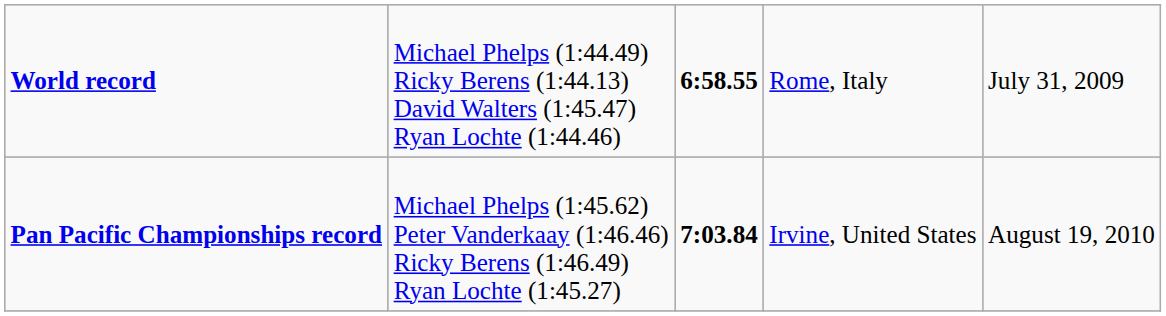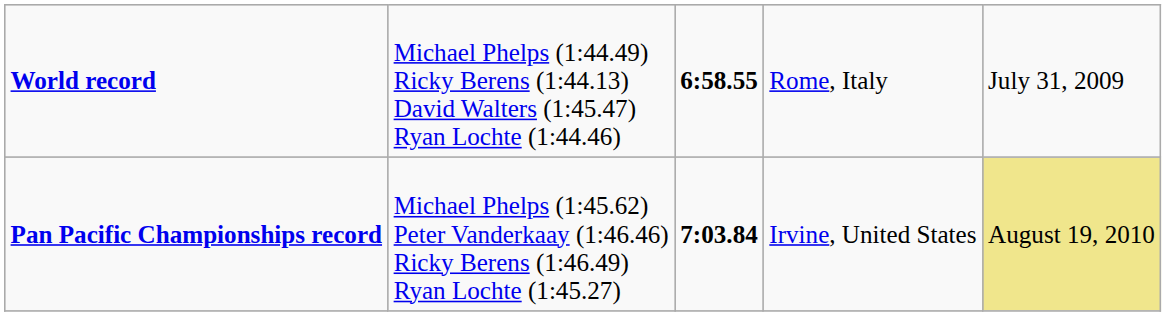 <table class="wikitable">
 <tr>
 <td><strong><a href='#'>World record</a></strong></td>
 <td><br><a href='#'>Michael Phelps</a> (1:44.49)<br><a href='#'>Ricky Berens</a> (1:44.13)<br><a href='#'>David Walters</a> (1:45.47)<br><a href='#'>Ryan Lochte</a> (1:44.46)</td>
 <td><strong>6:58.55</strong></td>
 <td><a href='#'>Rome</a>, Italy</td>
 <td>July 31, 2009</td>
 </tr>
 <tr>
 <td><strong><a href='#'>Pan Pacific Championships record</a></strong></td>
 <td><br><a href='#'>Michael Phelps</a> (1:45.62)<br><a href='#'>Peter Vanderkaay</a> (1:46.46)<br><a href='#'>Ricky Berens</a> (1:46.49)<br><a href='#'>Ryan Lochte</a> (1:45.27)</td>
 <td><strong>7:03.84</strong></td>
 <td><a href='#'>Irvine</a>, United States</td>
-<td>August 19, 2010</td>
+<td style="background: khaki;">August 19, 2010</td>
 </tr>
 </table>
